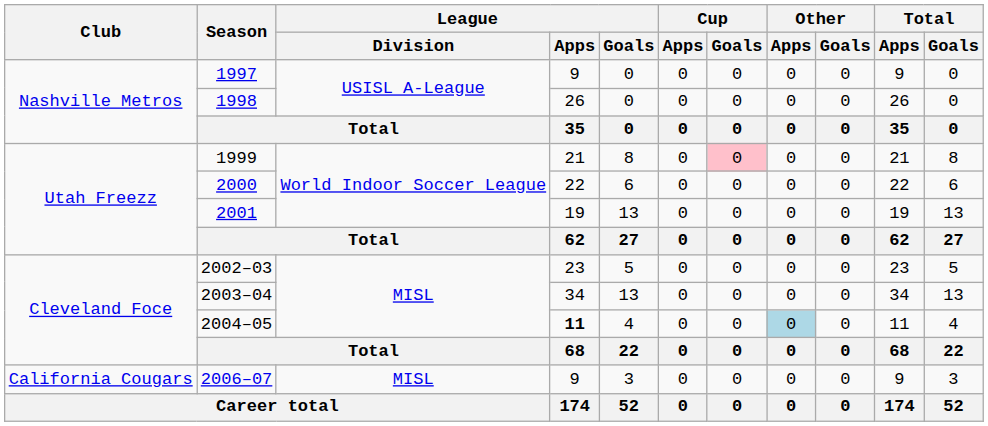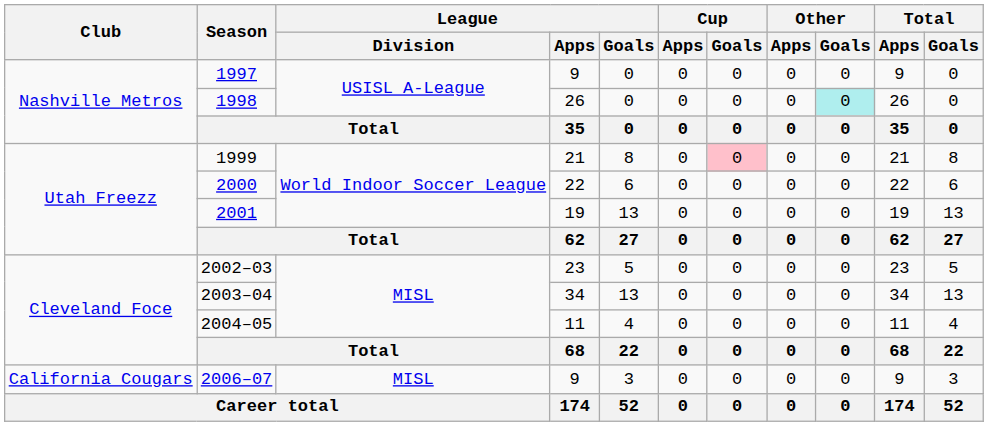 <table class="wikitable" style="text-align: center">
 <tr>
 <th rowspan="2">Club</th>
 <th rowspan="2">Season</th>
 <th colspan="3">League</th>
 <th colspan="2">Cup</th>
 <th colspan="2">Other</th>
 <th colspan="2">Total</th>
 </tr>
 <tr>
 <th>Division</th>
 <th>Apps</th>
 <th>Goals</th>
 <th>Apps</th>
 <th>Goals</th>
 <th>Apps</th>
 <th>Goals</th>
 <th>Apps</th>
 <th>Goals</th>
 </tr>
 <tr>
 <td rowspan="3"><a href='#'>Nashville Metros</a></td>
 <td><a href='#'>1997</a></td>
 <td rowspan="2"><a href='#'>USISL A-League</a></td>
 <td>9</td>
 <td>0</td>
 <td>0</td>
 <td>0</td>
 <td>0</td>
 <td>0</td>
 <td>9</td>
 <td>0</td>
 </tr>
 <tr>
 <td><a href='#'>1998</a></td>
 <td>26</td>
 <td>0</td>
 <td>0</td>
 <td>0</td>
 <td>0</td>
-<td>0</td>
+<td style="background: paleturquoise;">0</td>
 <td>26</td>
 <td>0</td>
 </tr>
 <tr>
 <th colspan="2"><strong>Total</strong></th>
 <th>35</th>
 <th>0</th>
 <th>0</th>
 <th>0</th>
 <th>0</th>
 <th>0</th>
 <th>35</th>
 <th>0</th>
 </tr>
 <tr>
 <td rowspan="4"><a href='#'>Utah Freezz</a></td>
 <td>1999</td>
 <td rowspan="3"><a href='#'>World Indoor Soccer League</a></td>
 <td>21</td>
 <td>8</td>
 <td>0</td>
 <td style="background: pink;">0</td>
 <td>0</td>
 <td>0</td>
 <td>21</td>
 <td>8</td>
 </tr>
 <tr>
 <td><a href='#'>2000</a></td>
 <td>22</td>
 <td>6</td>
 <td>0</td>
 <td>0</td>
 <td>0</td>
 <td>0</td>
 <td>22</td>
 <td>6</td>
 </tr>
 <tr>
 <td><a href='#'>2001</a></td>
 <td>19</td>
 <td>13</td>
 <td>0</td>
 <td>0</td>
 <td>0</td>
 <td>0</td>
 <td>19</td>
 <td>13</td>
 </tr>
 <tr>
 <th colspan="2"><strong>Total</strong></th>
 <th>62</th>
 <th>27</th>
 <th>0</th>
 <th>0</th>
 <th>0</th>
 <th>0</th>
 <th>62</th>
 <th>27</th>
 </tr>
 <tr>
 <td rowspan="4"><a href='#'>Cleveland Foce</a></td>
 <td>2002–03</td>
 <td rowspan="3"><a href='#'>MISL</a></td>
 <td>23</td>
 <td>5</td>
 <td>0</td>
 <td>0</td>
 <td>0</td>
 <td>0</td>
 <td>23</td>
 <td>5</td>
 </tr>
 <tr>
 <td>2003–04</td>
 <td>34</td>
 <td>13</td>
 <td>0</td>
 <td>0</td>
 <td>0</td>
 <td>0</td>
 <td>34</td>
 <td>13</td>
 </tr>
 <tr>
 <td>2004–05</td>
-<td><strong>11</strong></td>
+<td>11</td>
 <td>4</td>
 <td>0</td>
 <td>0</td>
-<td style="background: lightblue;">0</td>
+<td>0</td>
 <td>0</td>
 <td>11</td>
 <td>4</td>
 </tr>
 <tr>
 <th colspan="2"><strong>Total</strong></th>
 <th>68</th>
 <th>22</th>
 <th>0</th>
 <th>0</th>
 <th>0</th>
 <th>0</th>
 <th>68</th>
 <th>22</th>
 </tr>
 <tr>
 <td><a href='#'>California Cougars</a></td>
 <td><a href='#'>2006–07</a></td>
 <td><a href='#'>MISL</a></td>
 <td>9</td>
 <td>3</td>
 <td>0</td>
 <td>0</td>
 <td>0</td>
 <td>0</td>
 <td>9</td>
 <td>3</td>
 </tr>
 <tr>
 <th colspan="3"><strong>Career total</strong></th>
 <th>174</th>
 <th>52</th>
 <th>0</th>
 <th>0</th>
 <th>0</th>
 <th>0</th>
 <th>174</th>
 <th>52</th>
 </tr>
 </table>
